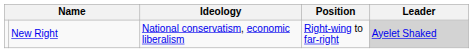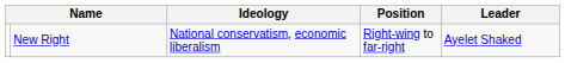 <table class="wikitable">
 <tr>
 <th colspan=2>Name</th>
 <th>Ideology</th>
 <th>Position</th>
 <th>Leader</th>
 </tr>
 <tr>
 <td style="background:"></td>
 <td style="width:200px"><a href='#'>New Right</a></td>
 <td style="width:250px"><a href='#'>National conservatism</a>, <a href='#'>economic liberalism</a></td>
 <td style="width:100px"><a href='#'>Right-wing</a> to <a href='#'>far-right</a></td>
-<td style="background: lightgrey; width:150px"><a href='#'>Ayelet Shaked</a></td>
+<td style="width:150px"><a href='#'>Ayelet Shaked</a></td>
 </tr>
 </table>
